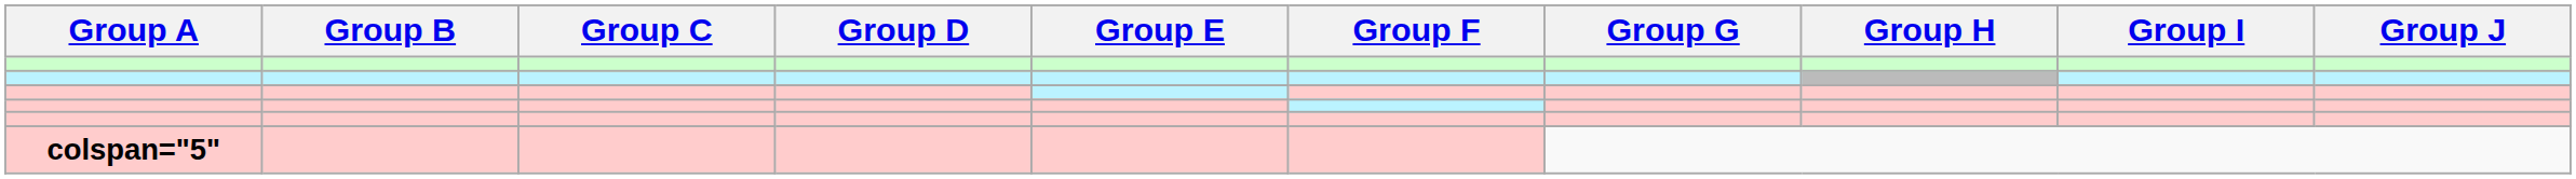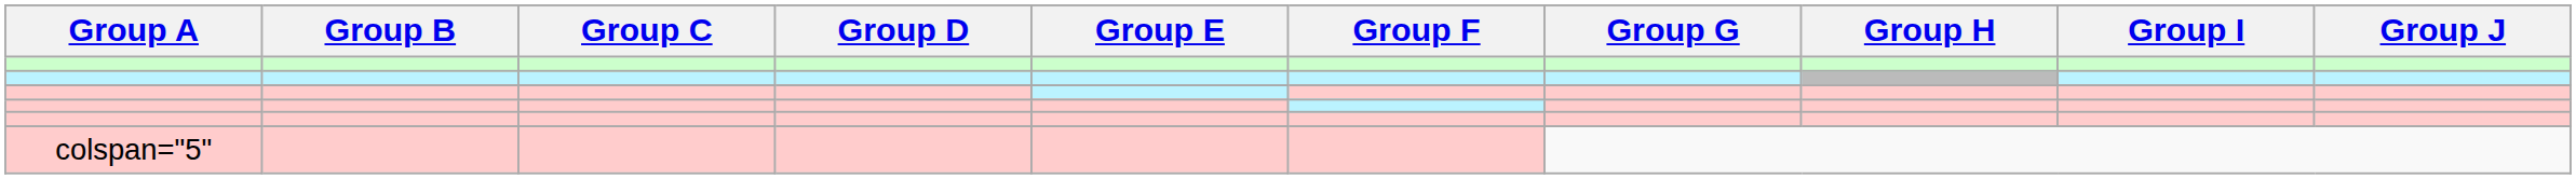 <table class="wikitable" style="text-align:center;" width="99%">
 <tr align="center">
 <th width="10%"><a href='#'>Group A</a></th>
 <th width="10%"><a href='#'>Group B</a></th>
 <th width="10%"><a href='#'>Group C</a></th>
 <th width="10%"><a href='#'>Group D</a></th>
 <th width="10%"><a href='#'>Group E</a></th>
 <th width="10%"><a href='#'>Group F</a></th>
 <th width="10%"><a href='#'>Group G</a></th>
 <th width="10%"><a href='#'>Group H</a></th>
 <th width="10%"><a href='#'>Group I</a></th>
 <th width="10%"><a href='#'>Group J</a></th>
 </tr>
 <tr style="background:#ccffcc; font-size:90%">
 <td style="vertical-align:top"></td>
 <td style="vertical-align:top"></td>
 <td style="vertical-align:top"></td>
 <td style="vertical-align:top"></td>
 <td style="vertical-align:top"></td>
 <td style="vertical-align:top"></td>
 <td style="vertical-align:top"></td>
 <td style="vertical-align:top"></td>
 <td style="vertical-align:top"></td>
 <td style="vertical-align:top"></td>
 </tr>
 <tr style="background:#BBF3FF; font-size:90%">
 <td style="vertical-align:top"></td>
 <td style="vertical-align:top"></td>
 <td style="vertical-align:top"></td>
 <td style="vertical-align:top"></td>
 <td style="vertical-align:top"></td>
 <td style="vertical-align:top"></td>
 <td style="vertical-align:top"></td>
 <td style="background:#BBBBBB; vertical-align:top;"></td>
 <td style="vertical-align:top"></td>
 <td style="vertical-align:top"></td>
 </tr>
 <tr style="background:#ffcccc; font-size:90%">
 <td></td>
 <td></td>
 <td></td>
 <td></td>
 <td style="background:#BBF3FF"></td>
 <td></td>
 <td></td>
 <td></td>
 <td></td>
 <td></td>
 </tr>
 <tr style="background:#ffcccc; font-size:90%">
 <td></td>
 <td></td>
 <td></td>
 <td></td>
 <td></td>
 <td style="background:#BBF3FF"></td>
 <td></td>
 <td></td>
 <td></td>
 <td></td>
 </tr>
 <tr style="background:#ffcccc; font-size:90%">
 <td></td>
 <td></td>
 <td></td>
 <td></td>
 <td></td>
 <td></td>
 <td></td>
 <td></td>
 <td></td>
 <td></td>
 </tr>
 <tr style="background:#ffcccc; font-size:90%">
-<td><strong>colspan="5" </strong></td>
+<td>colspan="5" </td>
 <td></td>
 <td></td>
 <td></td>
 <td></td>
 <td></td>
 </tr>
 </table>
